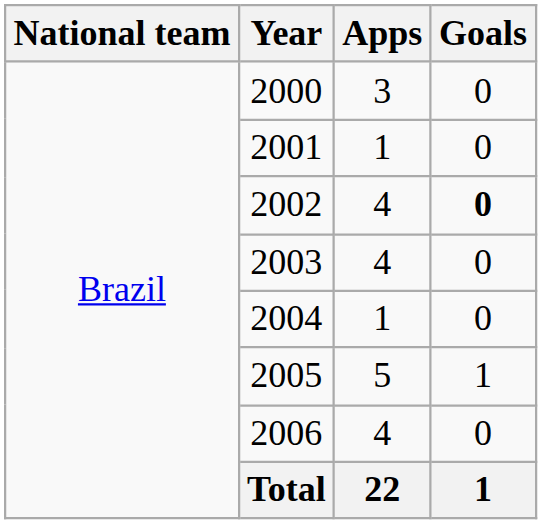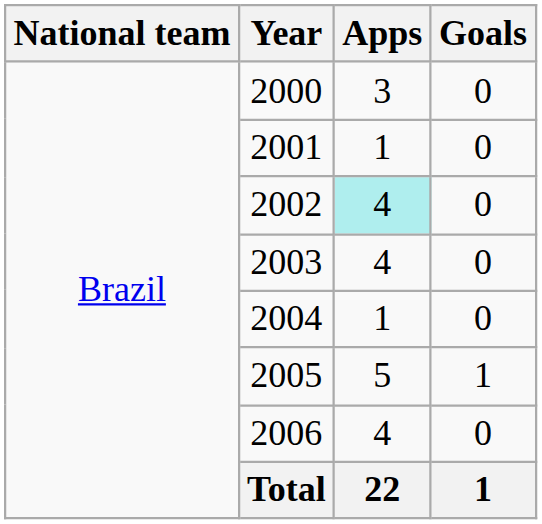 <table class="wikitable" style="text-align:center">
 <tr>
 <th>National team</th>
 <th>Year</th>
 <th>Apps</th>
 <th>Goals</th>
 </tr>
 <tr>
 <td rowspan="8"><a href='#'>Brazil</a></td>
 <td>2000</td>
 <td>3</td>
 <td>0</td>
 </tr>
 <tr>
 <td>2001</td>
 <td>1</td>
 <td>0</td>
 </tr>
 <tr>
 <td>2002</td>
-<td>4</td>
-<td><strong>0</strong></td>
+<td style="background: paleturquoise;">4</td>
+<td>0</td>
 </tr>
 <tr>
 <td>2003</td>
 <td>4</td>
 <td>0</td>
 </tr>
 <tr>
 <td>2004</td>
 <td>1</td>
 <td>0</td>
 </tr>
 <tr>
 <td>2005</td>
 <td>5</td>
 <td>1</td>
 </tr>
 <tr>
 <td>2006</td>
 <td>4</td>
 <td>0</td>
 </tr>
 <tr>
 <th>Total</th>
 <th>22</th>
 <th>1</th>
 </tr>
 </table>
